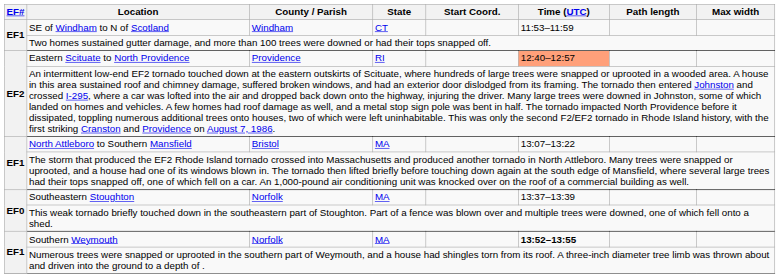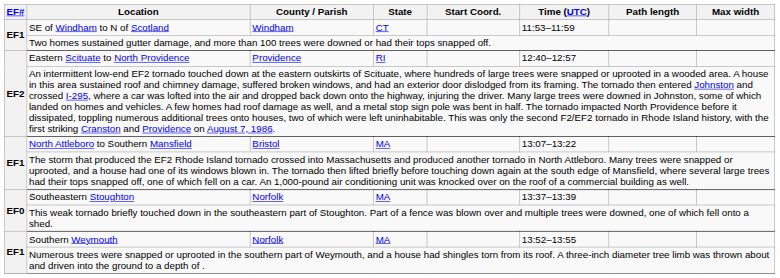 <table class="wikitable sortable" style="width:100%;">
 <tr>
 <th scope="col" width="2%" align="center"><a href='#'>EF#</a></th>
 <th scope="col" align="center" class="unsortable">Location</th>
 <th scope="col" align="center" class="unsortable">County / Parish</th>
 <th scope="col" align="center">State</th>
 <th scope="col" align="center">Start Coord.</th>
 <th scope="col" align="center">Time (<a href='#'>UTC</a>)</th>
 <th scope="col" align="center">Path length</th>
 <th scope="col" align="center">Max width</th>
 </tr>
 <tr>
 <th scope="row" rowspan="2" style="background-color:#">EF1</th>
 <td>SE of <a href='#'>Windham</a> to N of <a href='#'>Scotland</a></td>
 <td><a href='#'>Windham</a></td>
 <td><a href='#'>CT</a></td>
 <td></td>
 <td>11:53–11:59</td>
 <td></td>
 <td></td>
 </tr>
 <tr class="expand-child">
 <td colspan="8" style=" border-bottom: 1px solid black;">Two homes sustained gutter damage, and more than 100 trees were downed or had their tops snapped off.</td>
 </tr>
 <tr>
 <th scope="row" rowspan="2" style="background-color:#">EF2</th>
 <td>Eastern <a href='#'>Scituate</a> to <a href='#'>North Providence</a></td>
 <td><a href='#'>Providence</a></td>
 <td><a href='#'>RI</a></td>
 <td></td>
-<td style="background: lightsalmon;">12:40–12:57</td>
+<td>12:40–12:57</td>
 <td></td>
 <td></td>
 </tr>
 <tr class="expand-child">
 <td colspan="8" style=" border-bottom: 1px solid black;">An intermittent low-end EF2 tornado touched down at the eastern outskirts of Scituate, where hundreds of large trees were snapped or uprooted in a wooded area. A house in this area sustained roof and chimney damage, suffered broken windows, and had an exterior door dislodged from its framing. The tornado then entered <a href='#'>Johnston</a> and crossed <a href='#'>I-295</a>, where a car was lofted into the air and dropped back down onto the highway, injuring the driver. Many large trees were downed in Johnston, some of which landed on homes and vehicles. A few homes had roof damage as well, and a metal stop sign pole was bent in half. The tornado impacted North Providence before it dissipated, toppling numerous additional trees onto houses, two of which were left uninhabitable. This was only the second F2/EF2 tornado in Rhode Island history, with the first striking <a href='#'>Cranston</a> and <a href='#'>Providence</a> on <a href='#'>August 7, 1986</a>.</td>
 </tr>
 <tr>
 <th scope="row" rowspan="2" style="background-color:#">EF1</th>
 <td><a href='#'>North Attleboro</a> to Southern <a href='#'>Mansfield</a></td>
 <td><a href='#'>Bristol</a></td>
 <td><a href='#'>MA</a></td>
 <td></td>
 <td>13:07–13:22</td>
 <td></td>
 <td></td>
 </tr>
 <tr class="expand-child">
 <td colspan="8" style=" border-bottom: 1px solid black;">The storm that produced the EF2 Rhode Island tornado crossed into Massachusetts and produced another tornado in North Attleboro. Many trees were snapped or uprooted, and a house had one of its windows blown in. The tornado then lifted briefly before touching down again at the south edge of Mansfield, where several large trees had their tops snapped off, one of which fell on a car. An 1,000-pound air conditioning unit was knocked over on the roof of a commercial building as well.</td>
 </tr>
 <tr>
 <th scope="row" rowspan="2" style="background-color:#">EF0</th>
 <td>Southeastern <a href='#'>Stoughton</a></td>
 <td><a href='#'>Norfolk</a></td>
 <td><a href='#'>MA</a></td>
 <td></td>
 <td>13:37–13:39</td>
 <td></td>
 <td></td>
 </tr>
 <tr class="expand-child">
 <td colspan="8" style=" border-bottom: 1px solid black;">This weak tornado briefly touched down in the southeastern part of Stoughton. Part of a fence was blown over and multiple trees were downed, one of which fell onto a shed.</td>
 </tr>
 <tr>
 <th scope="row" rowspan="2" style="background-color:#">EF1</th>
 <td>Southern <a href='#'>Weymouth</a></td>
 <td><a href='#'>Norfolk</a></td>
 <td><a href='#'>MA</a></td>
 <td></td>
-<td><strong>13:52–13:55</strong></td>
+<td>13:52–13:55</td>
 <td></td>
 <td></td>
 </tr>
 <tr class="expand-child">
 <td colspan="8" style=" border-bottom: 1px solid black;">Numerous trees were snapped or uprooted in the southern part of Weymouth, and a house had shingles torn from its roof. A three-inch diameter tree limb was thrown about  and driven into the ground to a depth of .</td>
 </tr>
 <tr>
 </tr>
 </table>
